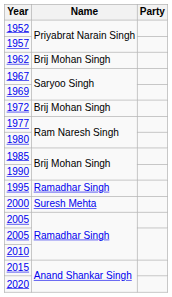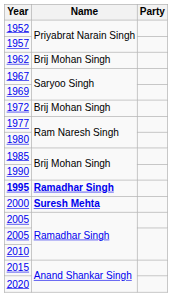 <table class="wikitable">
 <tr>
 <th>Year</th>
 <th>Name</th>
 <th colspan="2">Party</th>
 </tr>
 <tr>
 <td><a href='#'>1952</a></td>
 <td rowspan="2">Priyabrat Narain Singh</td>
 <td></td>
 </tr>
 <tr>
 <td><a href='#'>1957</a></td>
 </tr>
 <tr>
 <td><a href='#'>1962</a></td>
 <td>Brij Mohan Singh</td>
 <td></td>
 </tr>
 <tr>
 <td><a href='#'>1967</a></td>
 <td rowspan="2">Saryoo Singh</td>
 <td></td>
 </tr>
 <tr>
 <td><a href='#'>1969</a></td>
 </tr>
 <tr>
 <td><a href='#'>1972</a></td>
 <td>Brij Mohan Singh</td>
 <td></td>
 </tr>
 <tr>
 <td><a href='#'>1977</a></td>
 <td rowspan="2">Ram Naresh Singh</td>
 <td></td>
 </tr>
 <tr>
 <td><a href='#'>1980</a></td>
 <td></td>
 </tr>
 <tr>
 <td><a href='#'>1985</a></td>
 <td rowspan="2">Brij Mohan Singh</td>
 <td></td>
 </tr>
 <tr>
 <td><a href='#'>1990</a></td>
 </tr>
 <tr>
-<td><a href='#'>1995</a></td>
-<td><a href='#'>Ramadhar Singh</a></td>
+<td><strong><a href='#'>1995</a></strong></td>
+<td><strong><a href='#'>Ramadhar Singh</a></strong></td>
 <td></td>
 </tr>
 <tr>
 <td><a href='#'>2000</a></td>
-<td><a href='#'>Suresh Mehta</a></td>
+<td><strong><a href='#'>Suresh Mehta</a></strong></td>
 <td></td>
 </tr>
 <tr>
 <td><a href='#'>2005</a></td>
 <td rowspan="3"><a href='#'>Ramadhar Singh</a></td>
 <td></td>
 </tr>
 <tr>
 <td><a href='#'>2005</a></td>
 </tr>
 <tr>
 <td><a href='#'>2010</a></td>
 </tr>
 <tr>
 <td><a href='#'>2015</a></td>
 <td rowspan="2"><a href='#'>Anand Shankar Singh</a></td>
 <td></td>
 </tr>
 <tr>
 <td><a href='#'>2020</a></td>
 </tr>
 </table>
